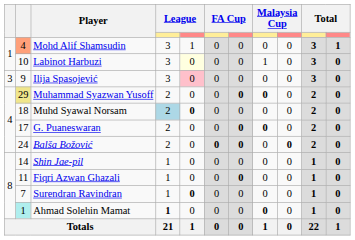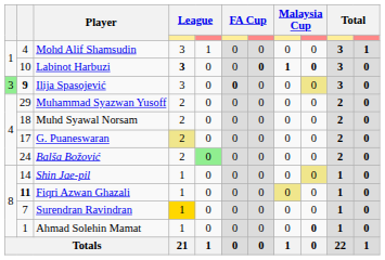 <table class="wikitable" style="text-align:center;">
 <tr style="text-align:center;">
 <th width=10 rowspan="2"></th>
 <th width=10 rowspan="2"></th>
 <th rowspan="2">Player</th>
 <th colspan="2"><a href='#'>League</a></th>
 <th colspan="2"><a href='#'>FA Cup</a></th>
 <th colspan="2"><a href='#'>Malaysia Cup</a></th>
 <th colspan="2">Total</th>
 </tr>
 <tr>
 <th style="width:30px; background:#fe9;"></th>
 <th style="width:30px; background:#ff8888;"></th>
 <th style="width:30px; background:#fe9;"></th>
 <th style="width:30px; background:#ff8888;"></th>
 <th style="width:30px; background:#fe9;"></th>
 <th style="width:30px; background:#ff8888;"></th>
 <th style="width:30px; background:#fe9;"></th>
 <th style="width:30px; background:#ff8888;"></th>
 </tr>
 <tr>
 <td rowspan="2">1</td>
-<td style="background: lightsalmon;">4</td>
+<td>4</td>
 <td align=left> <a href='#'>Mohd Alif Shamsudin</a></td>
 <td>3 </td>
 <td>1 </td>
 <td style="background:#DCDCDC">0 </td>
 <td style="background:#DCDCDC">0 </td>
 <td>0 </td>
 <td>0 </td>
 <td style="background:#DCDCDC"><strong>3</strong> </td>
 <td style="background:#DCDCDC"><strong>1</strong> </td>
 </tr>
 <tr>
 <td>10</td>
 <td align=left> <a href='#'>Labinot Harbuzi</a></td>
-<td>3 </td>
-<td style="background: lightyellow;">0 </td>
+<td><strong>3 </strong></td>
+<td>0 </td>
 <td style="background:#DCDCDC">0 </td>
-<td style="background:#DCDCDC">0 </td>
-<td>1 </td>
-<td>0 </td>
+<td style="background:#DCDCDC"><strong>0 </strong></td>
+<td><strong>1 </strong></td>
+<td><strong>0 </strong></td>
 <td style="background:#DCDCDC"><strong>3</strong> </td>
 <td style="background:#DCDCDC"><strong>0</strong> </td>
 </tr>
 <tr>
-<td>3</td>
-<td>9</td>
+<td style="background: lightgreen;">3</td>
+<td><strong>9</strong></td>
 <td align=left> <a href='#'>Ilija Spasojević</a></td>
 <td>3 </td>
-<td style="background: pink;">0 </td>
-<td style="background:#DCDCDC">0 </td>
+<td>0 </td>
+<td style="background:#DCDCDC"><strong>0 </strong></td>
 <td style="background:#DCDCDC">0 </td>
 <td>0 </td>
-<td>0 </td>
+<td style="background: khaki;">0 </td>
 <td style="background:#DCDCDC"><strong>3</strong> </td>
 <td style="background:#DCDCDC"><strong>0</strong> </td>
 </tr>
 <tr>
 <td rowspan="4">4</td>
-<td style="background: khaki;">29</td>
+<td>29</td>
 <td align=left> <a href='#'>Muhammad Syazwan Yusoff</a></td>
 <td>2 </td>
 <td>0 </td>
 <td style="background:#DCDCDC">0 </td>
-<td style="background:#DCDCDC"><strong>0 </strong></td>
-<td><strong>0 </strong></td>
+<td style="background:#DCDCDC">0 </td>
+<td>0 </td>
 <td>0 </td>
 <td style="background:#DCDCDC"><strong>2</strong> </td>
 <td style="background:#DCDCDC"><strong>0</strong> </td>
 </tr>
 <tr>
 <td>18</td>
 <td align=left> Muhd Syawal Norsam</td>
-<td style="background: lightblue;">2 </td>
-<td><strong>0 </strong></td>
+<td>2 </td>
+<td>0 </td>
 <td style="background:#DCDCDC">0 </td>
 <td style="background:#DCDCDC">0 </td>
 <td>0 </td>
 <td>0 </td>
 <td style="background:#DCDCDC"><strong>2</strong> </td>
 <td style="background:#DCDCDC"><strong>0</strong> </td>
 </tr>
 <tr>
 <td>17</td>
 <td align=left> <a href='#'>G. Puaneswaran</a></td>
-<td>2 </td>
+<td style="background: khaki;">2 </td>
 <td>0 </td>
 <td style="background:#DCDCDC">0 </td>
-<td style="background:#DCDCDC"><strong>0 </strong></td>
-<td><strong>0 </strong></td>
+<td style="background:#DCDCDC">0 </td>
+<td>0 </td>
 <td>0 </td>
 <td style="background:#DCDCDC"><strong>2</strong> </td>
 <td style="background:#DCDCDC"><strong>0</strong> </td>
 </tr>
 <tr>
 <td>24</td>
 <td align=left> <em><a href='#'>Balša Božović</a></em></td>
 <td>2 </td>
+<td style="background: lightgreen;">0 </td>
+<td style="background:#DCDCDC">0 </td>
+<td style="background:#DCDCDC">0 </td>
 <td>0 </td>
-<td style="background:#DCDCDC"><strong>0 </strong></td>
-<td style="background:#DCDCDC"><strong>0 </strong></td>
 <td>0 </td>
-<td><strong>0 </strong></td>
 <td style="background:#DCDCDC"><strong>2</strong> </td>
 <td style="background:#DCDCDC"><strong>0</strong> </td>
 </tr>
 <tr>
 <td rowspan="4">8</td>
 <td>14</td>
 <td align=left> <em><a href='#'>Shin Jae-pil</a></em></td>
 <td>1 </td>
 <td>0 </td>
 <td style="background:#DCDCDC">0 </td>
 <td style="background:#DCDCDC">0 </td>
 <td>0 </td>
-<td>0 </td>
+<td style="background: khaki;">0 </td>
 <td style="background:#DCDCDC"><strong>1</strong> </td>
 <td style="background:#DCDCDC"><strong>0</strong> </td>
 </tr>
 <tr>
-<td>11</td>
+<td><strong>11</strong></td>
 <td align=left> <a href='#'>Fiqri Azwan Ghazali</a></td>
 <td>1 </td>
 <td>0 </td>
 <td style="background:#DCDCDC">0 </td>
-<td style="background:#DCDCDC"><strong>0 </strong></td>
-<td>0 </td>
+<td style="background:#DCDCDC">0 </td>
+<td style="background: khaki;">0 </td>
 <td>0 </td>
 <td style="background:#DCDCDC"><strong>1</strong> </td>
 <td style="background:#DCDCDC"><strong>0</strong> </td>
 </tr>
 <tr>
 <td>7</td>
 <td align=left> <a href='#'>Surendran Ravindran</a></td>
-<td>1 </td>
-<td><strong>0 </strong></td>
+<td style="background: gold;">1 </td>
+<td>0 </td>
 <td style="background:#DCDCDC">0 </td>
 <td style="background:#DCDCDC">0 </td>
 <td>0 </td>
 <td>0 </td>
 <td style="background:#DCDCDC"><strong>1</strong> </td>
 <td style="background:#DCDCDC"><strong>0</strong> </td>
 </tr>
 <tr>
-<td style="background: paleturquoise;">1</td>
+<td>1</td>
 <td align=left>Ahmad Solehin Mamat</td>
-<td><strong>1 </strong></td>
+<td>1 </td>
 <td>0 </td>
 <td style="background:#DCDCDC">0 </td>
 <td style="background:#DCDCDC">0 </td>
+<td>0 </td>
 <td><strong>0 </strong></td>
-<td>0 </td>
 <td style="background:#DCDCDC"><strong>1</strong> </td>
 <td style="background:#DCDCDC"><strong>0</strong> </td>
 </tr>
 <tr>
 <th colspan="3">Totals</th>
 <th>21 </th>
 <th>1 </th>
 <th style="background:#DCDCDC">0 </th>
 <th style="background:#DCDCDC">0 </th>
 <th>1 </th>
 <th>0 </th>
 <th style="background:#DCDCDC">22 </th>
 <th style="background:#DCDCDC">1 </th>
 </tr>
 </table>
